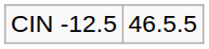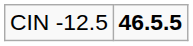 <table class="wikitable" style="margin-right: auto; margin-right: auto; border: none;">
 <tr align="center">
 </tr>
 <tr align="center">
 <td>CIN -12.5</td>
-<td>46.5.5</td>
+<td><strong>46.5.5</strong></td>
 </tr>
 </table>
